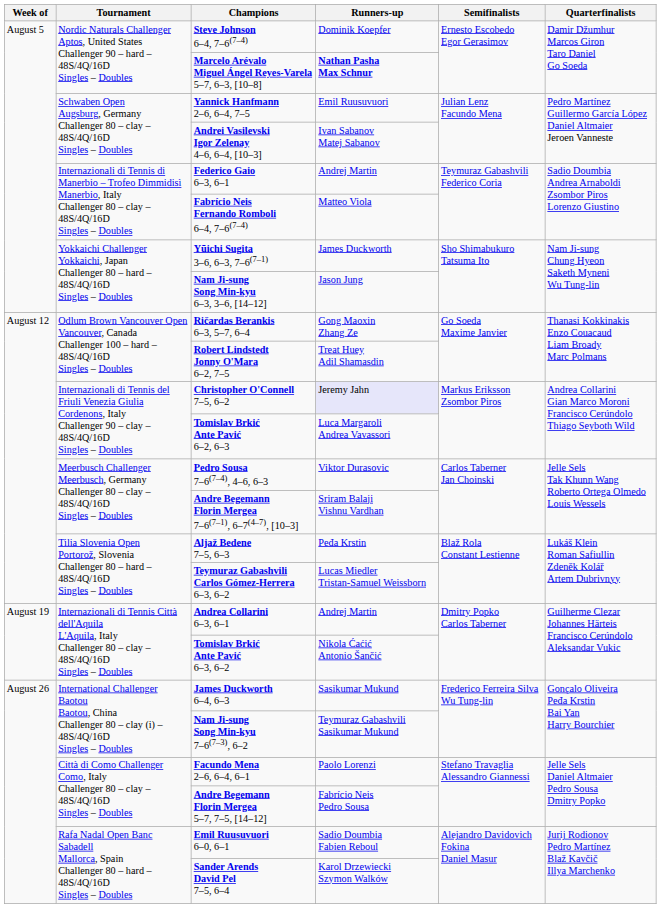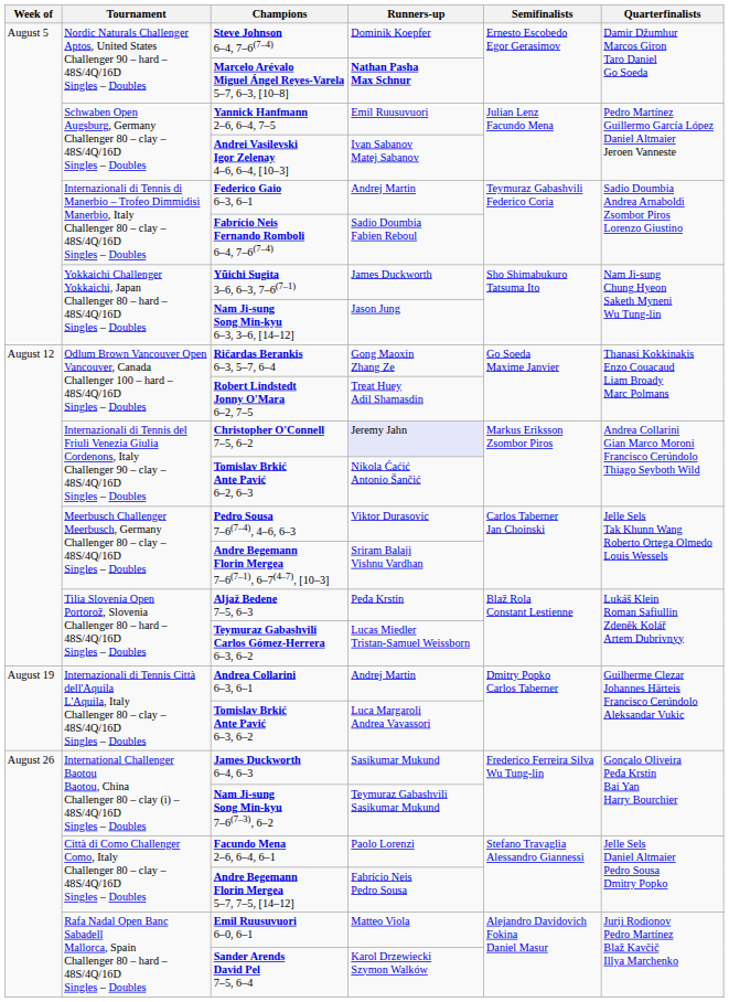 <table class="wikitable" style="font-size:85%;">
 <tr>
 <th width="75">Week of</th>
 <th width="230">Tournament</th>
 <th width="210">Champions</th>
 <th width="210">Runners-up</th>
 <th width="170">Semifinalists</th>
 <th width="170">Quarterfinalists</th>
 </tr>
 <tr valign=top>
 <td rowspan=8>August 5</td>
 <td rowspan=2><a href='#'>Nordic Naturals Challenger</a><br><a href='#'>Aptos</a>, United States <br> Challenger 90 – hard – 48S/4Q/16D<br><a href='#'>Singles</a> – <a href='#'>Doubles</a></td>
 <td> <strong><a href='#'>Steve Johnson</a></strong><br>6–4, 7–6<sup>(7–4)</sup></td>
 <td> <a href='#'>Dominik Koepfer</a></td>
 <td rowspan=2> <a href='#'>Ernesto Escobedo</a> <br>  <a href='#'>Egor Gerasimov</a></td>
 <td rowspan=2> <a href='#'>Damir Džumhur</a> <br> <a href='#'>Marcos Giron</a> <br> <a href='#'>Taro Daniel</a> <br>  <a href='#'>Go Soeda</a></td>
 </tr>
 <tr valign=top>
 <td> <strong><a href='#'>Marcelo Arévalo</a></strong><br> <strong><a href='#'>Miguel Ángel Reyes-Varela</a></strong><br>5–7, 6–3, [10–8]</td>
 <td><strong> <a href='#'>Nathan Pasha</a><br> <a href='#'>Max Schnur</a></strong></td>
 </tr>
 <tr valign=top>
 <td rowspan=2><a href='#'>Schwaben Open</a><br><a href='#'>Augsburg</a>, Germany <br> Challenger 80 – clay – 48S/4Q/16D<br><a href='#'>Singles</a> – <a href='#'>Doubles</a></td>
 <td> <strong><a href='#'>Yannick Hanfmann</a></strong><br>2–6, 6–4, 7–5</td>
 <td> <a href='#'>Emil Ruusuvuori</a></td>
 <td rowspan=2> <a href='#'>Julian Lenz</a> <br>  <a href='#'>Facundo Mena</a></td>
 <td rowspan=2> <a href='#'>Pedro Martínez</a> <br> <a href='#'>Guillermo García López</a> <br> <a href='#'>Daniel Altmaier</a> <br>  Jeroen Vanneste</td>
 </tr>
 <tr valign=top>
 <td> <strong><a href='#'>Andrei Vasilevski</a></strong><br> <strong><a href='#'>Igor Zelenay</a></strong><br>4–6, 6–4, [10–3]</td>
 <td> <a href='#'>Ivan Sabanov</a><br> <a href='#'>Matej Sabanov</a></td>
 </tr>
 <tr valign=top>
 <td rowspan=2><a href='#'>Internazionali di Tennis di Manerbio – Trofeo Dimmidisì</a><br><a href='#'>Manerbio</a>, Italy <br> Challenger 80 – clay – 48S/4Q/16D<br><a href='#'>Singles</a> – <a href='#'>Doubles</a></td>
 <td> <strong><a href='#'>Federico Gaio</a></strong><br>6–3, 6–1</td>
 <td> <a href='#'>Andrej Martin</a></td>
 <td rowspan=2> <a href='#'>Teymuraz Gabashvili</a> <br>  <a href='#'>Federico Coria</a></td>
 <td rowspan=2> <a href='#'>Sadio Doumbia</a> <br> <a href='#'>Andrea Arnaboldi</a> <br> <a href='#'>Zsombor Piros</a> <br>  <a href='#'>Lorenzo Giustino</a></td>
 </tr>
 <tr valign=top>
 <td> <strong><a href='#'>Fabrício Neis</a></strong><br> <strong><a href='#'>Fernando Romboli</a></strong><br>6–4, 7–6<sup>(7–4)</sup></td>
-<td> <a href='#'>Matteo Viola</a></td>
+<td> <a href='#'>Sadio Doumbia</a><br> <a href='#'>Fabien Reboul</a></td>
 </tr>
 <tr valign=top>
 <td rowspan=2><a href='#'>Yokkaichi Challenger</a><br><a href='#'>Yokkaichi</a>, Japan <br> Challenger 80 – hard – 48S/4Q/16D<br><a href='#'>Singles</a> – <a href='#'>Doubles</a></td>
 <td> <strong><a href='#'>Yūichi Sugita</a></strong><br>3–6, 6–3, 7–6<sup>(7–1)</sup></td>
 <td> <a href='#'>James Duckworth</a></td>
 <td rowspan=2> <a href='#'>Sho Shimabukuro</a> <br>  <a href='#'>Tatsuma Ito</a></td>
 <td rowspan=2> <a href='#'>Nam Ji-sung</a> <br> <a href='#'>Chung Hyeon</a> <br> <a href='#'>Saketh Myneni</a> <br>  <a href='#'>Wu Tung-lin</a></td>
 </tr>
 <tr valign=top>
 <td> <strong><a href='#'>Nam Ji-sung</a></strong><br> <strong><a href='#'>Song Min-kyu</a></strong><br>6–3, 3–6, [14–12]</td>
 <td> <a href='#'>Jason Jung</a></td>
 </tr>
 <tr valign=top>
 <td rowspan=8>August 12</td>
 <td rowspan=2><a href='#'>Odlum Brown Vancouver Open</a><br><a href='#'>Vancouver</a>, Canada <br> Challenger 100 – hard – 48S/4Q/16D<br><a href='#'>Singles</a> – <a href='#'>Doubles</a></td>
 <td> <strong><a href='#'>Ričardas Berankis</a></strong><br>6–3, 5–7, 6–4</td>
 <td> <a href='#'>Gong Maoxin</a><br> <a href='#'>Zhang Ze</a></td>
 <td rowspan=2> <a href='#'>Go Soeda</a> <br>  <a href='#'>Maxime Janvier</a></td>
 <td rowspan=2> <a href='#'>Thanasi Kokkinakis</a> <br> <a href='#'>Enzo Couacaud</a> <br> <a href='#'>Liam Broady</a> <br>  <a href='#'>Marc Polmans</a></td>
 </tr>
 <tr valign=top>
 <td> <strong><a href='#'>Robert Lindstedt</a></strong><br> <strong><a href='#'>Jonny O'Mara</a></strong><br>6–2, 7–5</td>
 <td> <a href='#'>Treat Huey</a><br> <a href='#'>Adil Shamasdin</a></td>
 </tr>
 <tr valign=top>
 <td rowspan=2><a href='#'>Internazionali di Tennis del Friuli Venezia Giulia</a><br><a href='#'>Cordenons</a>, Italy <br> Challenger 90 – clay – 48S/4Q/16D<br><a href='#'>Singles</a> – <a href='#'>Doubles</a></td>
 <td> <strong><a href='#'>Christopher O'Connell</a></strong><br>7–5, 6–2</td>
 <td style="background: lavender;"> Jeremy Jahn</td>
 <td rowspan=2> <a href='#'>Markus Eriksson</a> <br>  <a href='#'>Zsombor Piros</a></td>
 <td rowspan=2> <a href='#'>Andrea Collarini</a> <br> <a href='#'>Gian Marco Moroni</a> <br> <a href='#'>Francisco Cerúndolo</a> <br>  <a href='#'>Thiago Seyboth Wild</a></td>
 </tr>
 <tr valign=top>
 <td> <strong><a href='#'>Tomislav Brkić</a></strong><br> <strong><a href='#'>Ante Pavić</a></strong><br>6–2, 6–3</td>
-<td> <a href='#'>Luca Margaroli</a><br> <a href='#'>Andrea Vavassori</a></td>
+<td> <a href='#'>Nikola Ćaćić</a><br> <a href='#'>Antonio Šančić</a></td>
 </tr>
 <tr valign=top>
 <td rowspan=2><a href='#'>Meerbusch Challenger</a><br><a href='#'>Meerbusch</a>, Germany <br> Challenger 80 – clay – 48S/4Q/16D<br><a href='#'>Singles</a> – <a href='#'>Doubles</a></td>
 <td> <strong><a href='#'>Pedro Sousa</a></strong><br>7–6<sup>(7–4)</sup>, 4–6, 6–3</td>
 <td> <a href='#'>Viktor Durasovic</a></td>
 <td rowspan=2> <a href='#'>Carlos Taberner</a> <br>  <a href='#'>Jan Choinski</a></td>
 <td rowspan=2> <a href='#'>Jelle Sels</a> <br> <a href='#'>Tak Khunn Wang</a> <br> <a href='#'>Roberto Ortega Olmedo</a> <br>  <a href='#'>Louis Wessels</a></td>
 </tr>
 <tr valign=top>
 <td> <strong><a href='#'>Andre Begemann</a></strong><br> <strong><a href='#'>Florin Mergea</a></strong><br>7–6<sup>(7–1)</sup>, 6–7<sup>(4–7)</sup>, [10–3]</td>
 <td> <a href='#'>Sriram Balaji</a><br> <a href='#'>Vishnu Vardhan</a></td>
 </tr>
 <tr valign=top>
 <td rowspan=2><a href='#'>Tilia Slovenia Open</a><br><a href='#'>Portorož</a>, Slovenia <br> Challenger 80 – hard – 48S/4Q/16D<br><a href='#'>Singles</a> – <a href='#'>Doubles</a></td>
 <td> <strong><a href='#'>Aljaž Bedene</a></strong><br>7–5, 6–3</td>
 <td> <a href='#'>Peđa Krstin</a></td>
 <td rowspan=2> <a href='#'>Blaž Rola</a> <br>  <a href='#'>Constant Lestienne</a></td>
 <td rowspan=2> <a href='#'>Lukáš Klein</a> <br> <a href='#'>Roman Safiullin</a> <br> <a href='#'>Zdeněk Kolář</a> <br>  <a href='#'>Artem Dubrivnyy</a></td>
 </tr>
 <tr valign=top>
 <td> <strong><a href='#'>Teymuraz Gabashvili</a></strong><br> <strong><a href='#'>Carlos Gómez-Herrera</a></strong><br>6–3, 6–2</td>
 <td> <a href='#'>Lucas Miedler</a><br> <a href='#'>Tristan-Samuel Weissborn</a></td>
 </tr>
 <tr valign=top>
 <td rowspan=2>August 19</td>
 <td rowspan=2><a href='#'>Internazionali di Tennis Città dell'Aquila</a><br><a href='#'>L'Aquila</a>, Italy <br> Challenger 80 – clay – 48S/4Q/16D<br><a href='#'>Singles</a> – <a href='#'>Doubles</a></td>
 <td> <strong><a href='#'>Andrea Collarini</a></strong><br>6–3, 6–1</td>
 <td> <a href='#'>Andrej Martin</a></td>
 <td rowspan=2> <a href='#'>Dmitry Popko</a> <br>  <a href='#'>Carlos Taberner</a></td>
 <td rowspan=2> <a href='#'>Guilherme Clezar</a> <br> <a href='#'>Johannes Härteis</a> <br> <a href='#'>Francisco Cerúndolo</a> <br>  <a href='#'>Aleksandar Vukic</a></td>
 </tr>
 <tr valign=top>
 <td> <strong><a href='#'>Tomislav Brkić</a></strong><br> <strong><a href='#'>Ante Pavić</a></strong><br>6–3, 6–2</td>
-<td> <a href='#'>Nikola Ćaćić</a><br> <a href='#'>Antonio Šančić</a></td>
+<td> <a href='#'>Luca Margaroli</a><br> <a href='#'>Andrea Vavassori</a></td>
 </tr>
 <tr valign=top>
 <td rowspan=6>August 26</td>
 <td rowspan=2><a href='#'>International Challenger Baotou</a><br><a href='#'>Baotou</a>, China <br> Challenger 80 – clay (i) – 48S/4Q/16D<br><a href='#'>Singles</a> – <a href='#'>Doubles</a></td>
 <td> <strong><a href='#'>James Duckworth</a></strong><br>6–4, 6–3</td>
 <td> <a href='#'>Sasikumar Mukund</a></td>
 <td rowspan=2> <a href='#'>Frederico Ferreira Silva</a> <br>  <a href='#'>Wu Tung-lin</a></td>
 <td rowspan=2> <a href='#'>Gonçalo Oliveira</a> <br> <a href='#'>Peđa Krstin</a> <br> <a href='#'>Bai Yan</a> <br>  <a href='#'>Harry Bourchier</a></td>
 </tr>
 <tr valign=top>
 <td> <strong><a href='#'>Nam Ji-sung</a></strong><br> <strong><a href='#'>Song Min-kyu</a></strong><br>7–6<sup>(7–3)</sup>, 6–2</td>
 <td> <a href='#'>Teymuraz Gabashvili</a><br> <a href='#'>Sasikumar Mukund</a></td>
 </tr>
 <tr valign=top>
 <td rowspan=2><a href='#'>Città di Como Challenger</a><br><a href='#'>Como</a>, Italy <br> Challenger 80 – clay – 48S/4Q/16D<br><a href='#'>Singles</a> – <a href='#'>Doubles</a></td>
 <td> <strong><a href='#'>Facundo Mena</a></strong><br>2–6, 6–4, 6–1</td>
 <td> <a href='#'>Paolo Lorenzi</a></td>
 <td rowspan=2> <a href='#'>Stefano Travaglia</a> <br>  <a href='#'>Alessandro Giannessi</a></td>
 <td rowspan=2> <a href='#'>Jelle Sels</a> <br> <a href='#'>Daniel Altmaier</a> <br> <a href='#'>Pedro Sousa</a> <br>  <a href='#'>Dmitry Popko</a></td>
 </tr>
 <tr valign=top>
 <td> <strong><a href='#'>Andre Begemann</a></strong><br> <strong><a href='#'>Florin Mergea</a></strong><br>5–7, 7–5, [14–12]</td>
 <td> <a href='#'>Fabrício Neis</a><br> <a href='#'>Pedro Sousa</a></td>
 </tr>
 <tr valign=top>
 <td rowspan=2><a href='#'>Rafa Nadal Open Banc Sabadell</a><br><a href='#'>Mallorca</a>, Spain <br> Challenger 80 – hard – 48S/4Q/16D<br><a href='#'>Singles</a> – <a href='#'>Doubles</a></td>
 <td> <strong><a href='#'>Emil Ruusuvuori</a></strong><br>6–0, 6–1</td>
-<td> <a href='#'>Sadio Doumbia</a><br> <a href='#'>Fabien Reboul</a></td>
+<td> <a href='#'>Matteo Viola</a></td>
 <td rowspan=2> <a href='#'>Alejandro Davidovich Fokina</a> <br>  <a href='#'>Daniel Masur</a></td>
 <td rowspan=2> <a href='#'>Jurij Rodionov</a> <br> <a href='#'>Pedro Martínez</a> <br> <a href='#'>Blaž Kavčič</a> <br>  <a href='#'>Illya Marchenko</a></td>
 </tr>
 <tr valign=top>
 <td> <strong><a href='#'>Sander Arends</a></strong><br> <strong><a href='#'>David Pel</a></strong><br>7–5, 6–4</td>
 <td> <a href='#'>Karol Drzewiecki</a><br> <a href='#'>Szymon Walków</a></td>
 </tr>
 </table>
